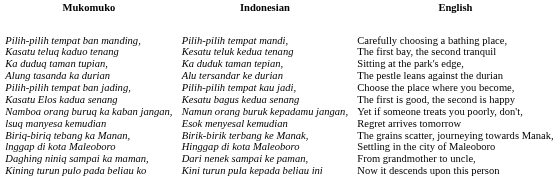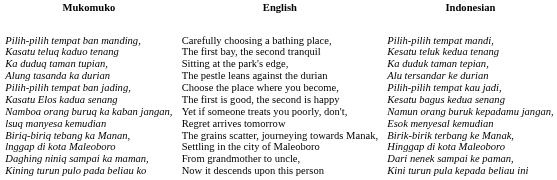 <table cellpadding=6>
 <tr>
 <th>Mukomuko</th>
+<th>English</th>
 <th>Indonesian</th>
-<th>English</th>
 </tr>
 <tr style="vertical-align:top; white-space:nowrap;">
 <td><div><br><em>Pilih-pilih tempat ban manding,</em><br> <em>Kasatu teluq kaduo tenang</em><br><em>Ka duduq taman tupian,</em><br> <em>Alung tasanda ka durian</em><br><em>Pilih-pilih tempat ban jading,</em><br> <em>Kasatu Elos kadua senang</em><br><em>Namboa orang buruq ka kaban jangan,</em><br> <em>lsuq manyesa kemudian</em><br><em>Biriq-biriq tebang ka Manan,</em><br> <em>lnggap di kota Maleoboro</em><br><em>Daghing niniq sampai ka maman,</em><br> <em>Kining turun pulo pada beliau ko</em></div></td>
+<td><br>Carefully choosing a bathing place,<br> The first bay, the second tranquil<br>Sitting at the park's edge,<br> The pestle leans against the durian<br>Choose the place where you become,<br> The first is good, the second is happy<br>Yet if someone treats you poorly, don't,<br> Regret arrives tomorrow<br>The grains scatter, journeying towards Manak,<br> Settling in the city of Maleoboro<br>From grandmother to uncle,<br> Now it descends upon this person</td>
 <td><br><em>Pilih-pilih tempat mandi,</em><br> <em>Kesatu teluk kedua tenang</em><br><em>Ka duduk taman tepian,</em><br> <em>Alu tersandar ke durian</em><br><em>Pilih-pilih tempat kau jadi,</em><br>  <em>Kesatu bagus kedua senang</em><br><em>Namun orang buruk kepadamu jangan,</em><br>  <em>Esok menyesal kemudian</em><br><em>Birik-birik terbang ke Manak,</em><br>   <em>Hinggap di kota Maleoboro</em><br><em>Dari nenek sampai ke paman,</em><br>   <em>Kini turun pula kepada beliau ini</em></td>
-<td><br>Carefully choosing a bathing place,<br> The first bay, the second tranquil<br>Sitting at the park's edge,<br> The pestle leans against the durian<br>Choose the place where you become,<br> The first is good, the second is happy<br>Yet if someone treats you poorly, don't,<br> Regret arrives tomorrow<br>The grains scatter, journeying towards Manak,<br> Settling in the city of Maleoboro<br>From grandmother to uncle,<br> Now it descends upon this person</td>
 </tr>
 </table>
